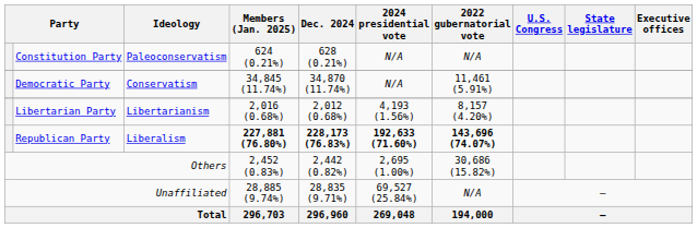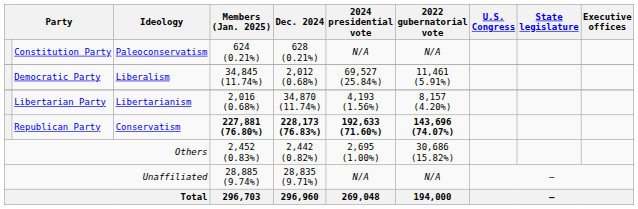 <table class="wikitable sortable">
 <tr>
 <th colspan=2>Party</th>
 <th class=unsortable>Ideology</th>
 <th>Members<br>(Jan. 2025)</th>
 <th>Dec. 2024</th>
 <th>2024<br>presidential<br>vote</th>
 <th>2022<br>gubernatorial<br>vote</th>
 <th><a href='#'>U.S.<br>Congress</a></th>
 <th><a href='#'>State<br>legislature</a></th>
 <th>Executive<br>offices</th>
 </tr>
 <tr>
 <th style="background-color: "></th>
 <td><a href='#'>Constitution Party</a></td>
 <td><a href='#'>Paleoconservatism</a></td>
 <td style="text-align: center">624 <br>(0.21%)</td>
 <td style="text-align: center">628<br>(0.21%)</td>
 <td style="text-align: center"><em>N/A</em></td>
 <td style="text-align: center"><em>N/A</em></td>
 <td></td>
 <td></td>
 <td></td>
 </tr>
 <tr>
 </tr>
 <tr>
 <th width=5px style="background-color: "></th>
 <td><a href='#'>Democratic Party</a></td>
-<td><a href='#'>Conservatism</a></td>
+<td><a href='#'>Liberalism</a></td>
 <td style="text-align: center">34,845 <br>(11.74%)</td>
-<td style="text-align: center">34,870<br>(11.74%)</td>
-<td style="text-align: center"><em>N/A</em></td>
+<td style="text-align: center">2,012<br>(0.68%)</td>
+<td style="text-align: center">69,527<br>(25.84%)</td>
 <td style="text-align: center">11,461<br>(5.91%)</td>
 <td></td>
 <td></td>
 <td></td>
 </tr>
 <tr>
 </tr>
 <tr>
 <th width=5px style="background-color: "></th>
 <td><a href='#'>Libertarian Party</a></td>
 <td><a href='#'>Libertarianism</a></td>
 <td style="text-align: center">2,016 <br>(0.68%)</td>
-<td style="text-align: center">2,012<br>(0.68%)</td>
+<td style="text-align: center">34,870<br>(11.74%)</td>
 <td style="text-align: center">4,193<br>(1.56%)</td>
 <td style="text-align: center">8,157<br>(4.20%)</td>
 <td></td>
 <td></td>
 <td></td>
 </tr>
 <tr>
 <th style="background-color: "></th>
 <td><a href='#'>Republican Party</a></td>
-<td><a href='#'>Liberalism</a></td>
+<td><a href='#'>Conservatism</a></td>
 <td style="text-align: center"><strong>227,881 <br>(76.80%)</strong></td>
 <td style="text-align: center"><strong>228,173<br>(76.83%)</strong></td>
 <td style="text-align: center"><strong>192,633<br>(71.60%)</strong></td>
 <td style="text-align: center"><strong>143,696 <br>(74.07%)</strong></td>
 <td></td>
 <td></td>
 <td></td>
 </tr>
 <tr>
 <td colspan=3 style="text-align: right"><em>Others</em></td>
 <td style="text-align: center">2,452 <br>(0.83%)</td>
 <td style="text-align: center">2,442<br>(0.82%)</td>
 <td style="text-align: center">2,695<br>(1.00%)</td>
 <td style="text-align: center">30,686 <br>(15.82%)</td>
 <td></td>
 <td></td>
 <td></td>
 </tr>
 <tr>
 <td colspan=3 style="text-align: right"><em>Unaffiliated</em></td>
 <td style="text-align: center">28,885 <br>(9.74%)</td>
 <td style="text-align: center">28,835<br>(9.71%)</td>
-<td style="text-align: center">69,527<br>(25.84%)</td>
+<td style="text-align: center"><em>N/A</em></td>
 <td style="text-align: center"><em>N/A</em></td>
 <td colspan=3 style="text-align: center">—</td>
 </tr>
 <tr>
 <th colspan=3 style="text-align: right">Total</th>
 <th style="text-align: center">296,703 </th>
 <th style="text-align: center">296,960</th>
 <th style="text-align: center">269,048</th>
 <th style="text-align: center">194,000</th>
 <th colspan=3>—</th>
 </tr>
 </table>
